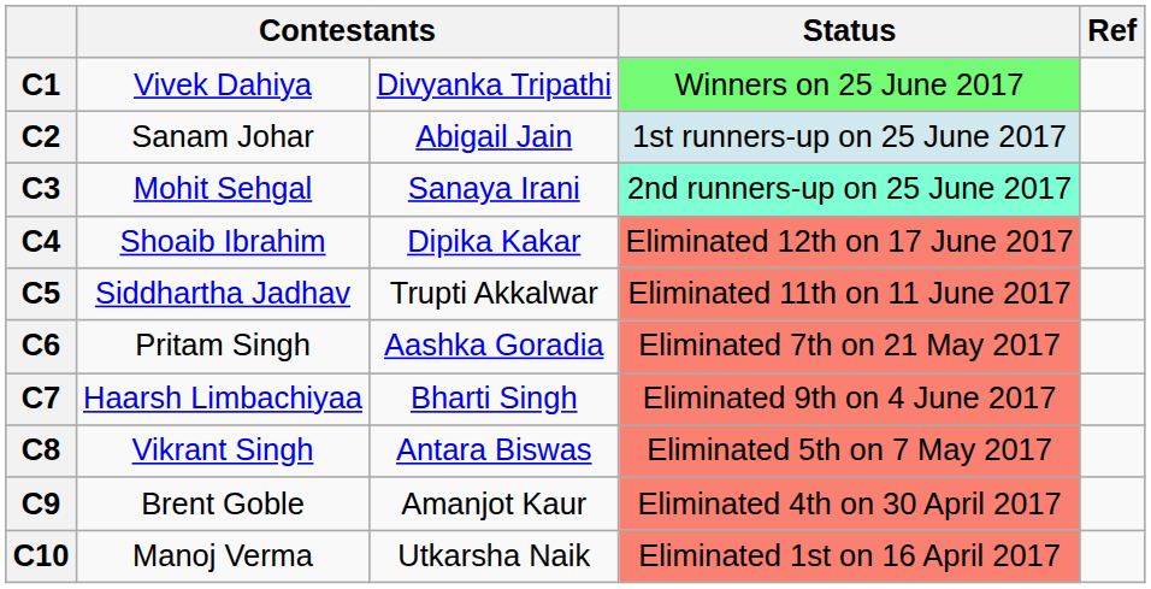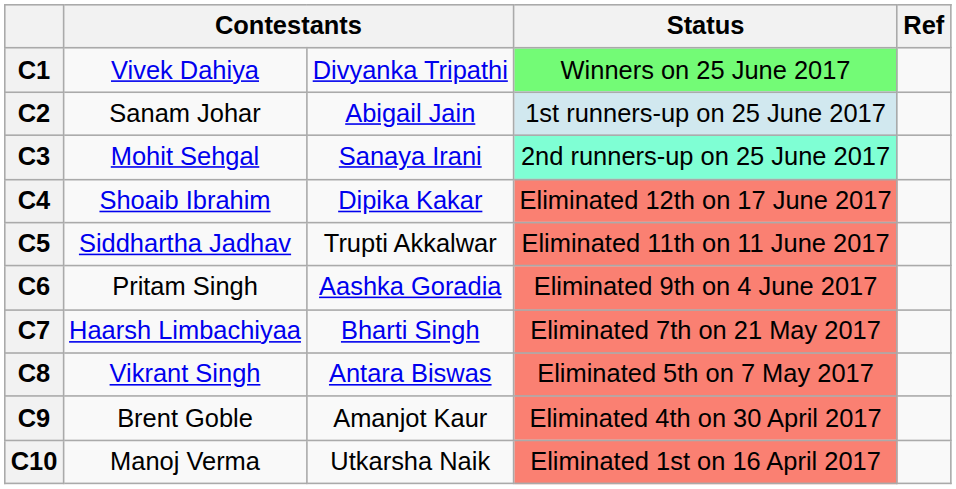 <table class="wikitable" style="text-align:center; line-height:20px; width:auto;">
 <tr>
 <th></th>
 <th colspan="2">Contestants</th>
 <th>Status</th>
 <th>Ref</th>
 </tr>
 <tr>
 <th>C1</th>
 <td><a href='#'>Vivek Dahiya</a></td>
 <td><a href='#'>Divyanka Tripathi</a></td>
 <td style="background:#73FB76;">Winners on 25 June 2017</td>
 <td></td>
 </tr>
 <tr>
 <th>C2</th>
 <td>Sanam Johar</td>
 <td><a href='#'>Abigail Jain</a></td>
 <td style="background:#D1E8EF; text-align:center">1st runners-up on 25 June 2017</td>
 <td style="text-align:center;"></td>
 </tr>
 <tr>
 <th>C3</th>
 <td><a href='#'>Mohit Sehgal</a></td>
 <td><a href='#'>Sanaya Irani</a></td>
 <td style="background:#7FFFD4; text-align:center">2nd runners-up on 25 June 2017</td>
 <td style="text-align:center;"></td>
 </tr>
 <tr>
 <th>C4</th>
 <td><a href='#'>Shoaib Ibrahim</a></td>
 <td><a href='#'>Dipika Kakar</a></td>
 <td style="background:salmon; text-align:center;">Eliminated 12th on 17 June 2017</td>
 <td style="text-align:center;"></td>
 </tr>
 <tr>
 <th>C5</th>
 <td><a href='#'>Siddhartha Jadhav</a></td>
 <td>Trupti Akkalwar</td>
 <td style="background:salmon; text-align:center;">Eliminated 11th on 11 June 2017</td>
 <td style="text-align:center;"></td>
 </tr>
 <tr>
 <th>C6</th>
 <td>Pritam Singh</td>
 <td><a href='#'>Aashka Goradia</a></td>
-<td style="background:salmon; text-align:center;">Eliminated 7th on 21 May 2017</td>
+<td style="background:salmon; text-align:center;">Eliminated 9th on 4 June 2017</td>
 <td style="text-align:center;"></td>
 </tr>
 <tr>
 <th>C7</th>
 <td><a href='#'>Haarsh Limbachiyaa</a></td>
 <td><a href='#'>Bharti Singh</a></td>
-<td style="background:salmon; text-align:center;">Eliminated 9th on 4 June 2017</td>
+<td style="background:salmon; text-align:center;">Eliminated 7th on 21 May 2017</td>
 <td style="text-align:center;"></td>
 </tr>
 <tr>
 <th>C8</th>
 <td><a href='#'>Vikrant Singh</a></td>
 <td><a href='#'>Antara Biswas</a></td>
 <td style="background:salmon; text-align:center;">Eliminated 5th on 7 May 2017</td>
 <td style="text-align:center;"></td>
 </tr>
 <tr>
 <th>C9</th>
 <td>Brent Goble</td>
 <td>Amanjot Kaur</td>
 <td style="background:salmon; text-align:center;">Eliminated 4th on 30 April 2017</td>
 <td style="text-align:center;"></td>
 </tr>
 <tr>
 <th>C10</th>
 <td>Manoj Verma</td>
 <td>Utkarsha Naik</td>
 <td style="background:salmon; text-align:center;">Eliminated 1st on 16 April 2017</td>
 <td style="text-align:center;"></td>
 </tr>
 </table>
